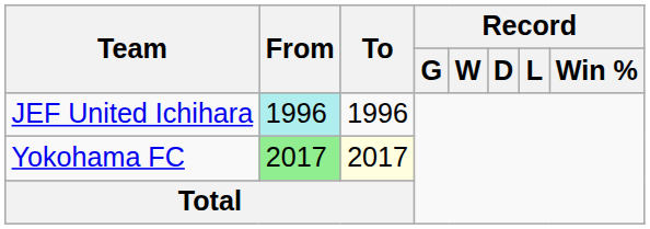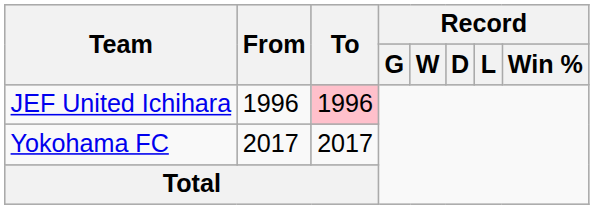 <table class="wikitable" style="text-align: center">
 <tr>
 <th rowspan="2">Team</th>
 <th rowspan="2">From</th>
 <th rowspan="2">To</th>
 <th colspan="5">Record</th>
 </tr>
 <tr>
 <th>G</th>
 <th>W</th>
 <th>D</th>
 <th>L</th>
 <th>Win %</th>
 </tr>
 <tr>
 <td align="left"><a href='#'>JEF United Ichihara</a></td>
-<td align="left" style="background: paleturquoise;">1996</td>
-<td align="left">1996<br></td>
+<td align="left">1996</td>
+<td align="left" style="background: pink;">1996<br></td>
 </tr>
 <tr>
 <td align="left"><a href='#'>Yokohama FC</a></td>
-<td align="left" style="background: lightgreen;">2017</td>
-<td align="left" style="background: lightyellow;">2017<br></td>
+<td align="left">2017</td>
+<td align="left">2017<br></td>
 </tr>
 <tr>
 <th colspan="3">Total<br></th>
 </tr>
 </table>
